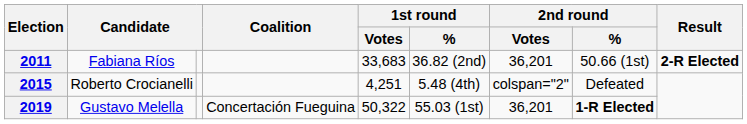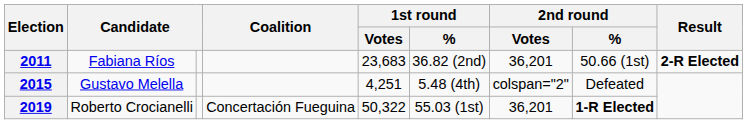 <table class=wikitable style=text-align:center>
 <tr>
 <th rowspan="2">Election</th>
 <th rowspan="2" colspan="2">Candidate</th>
 <th rowspan="2">Coalition</th>
 <th colspan="2">1st round</th>
 <th colspan="2">2nd round</th>
 <th rowspan="2">Result</th>
 </tr>
 <tr>
 <th>Votes</th>
 <th>%</th>
 <th>Votes</th>
 <th>%</th>
 </tr>
 <tr>
 <th><a href='#'>2011</a></th>
 <td><a href='#'>Fabiana Ríos</a></td>
 <td bgcolor=></td>
 <td></td>
-<td>33,683</td>
+<td>23,683</td>
 <td>36.82 (2nd)</td>
 <td>36,201</td>
 <td>50.66 (1st)</td>
 <td> <strong>2-R Elected</strong></td>
 </tr>
 <tr>
 <th><a href='#'>2015</a></th>
-<td>Roberto Crocianelli</td>
+<td><a href='#'>Gustavo Melella</a></td>
 <td bgcolor=></td>
 <td></td>
 <td>4,251</td>
 <td>5.48 (4th)</td>
 <td>colspan="2" </td>
 <td> Defeated</td>
 </tr>
 <tr>
 <th><a href='#'>2019</a></th>
-<td><a href='#'>Gustavo Melella</a></td>
+<td>Roberto Crocianelli</td>
 <td bgcolor=></td>
 <td>Concertación Fueguina</td>
 <td>50,322</td>
 <td>55.03 (1st)</td>
 <td>36,201</td>
 <td> <strong>1-R Elected</strong></td>
 </tr>
 </table>
